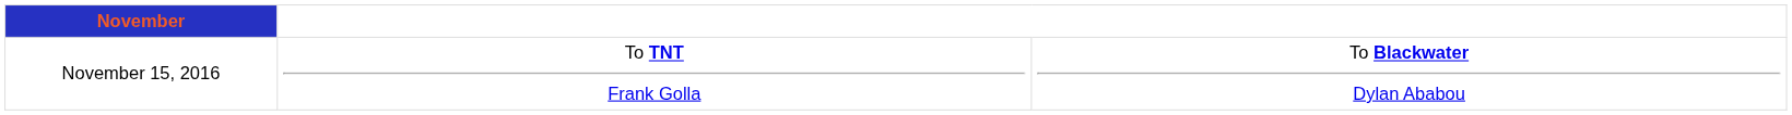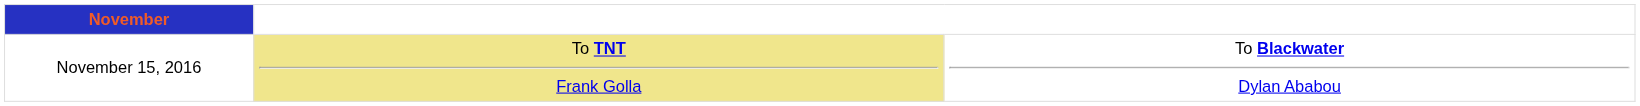 <table border=1 style="border-collapse:collapse; text-align: center; width: 100%" bordercolor="#DFDFDF"  cellpadding="5">
 <tr bgcolor="eeeeee">
 <th style="background:#2631C2; color:#F05B28; ">November</th>
 </tr>
 <tr>
 <td style="width:12%">November 15, 2016</td>
-<td style="width:33.3%" valign="top">To <strong><a href='#'>TNT</a></strong><hr><a href='#'>Frank Golla</a></td>
+<td style="background: khaki; width:33.3%" valign="top">To <strong><a href='#'>TNT</a></strong><hr><a href='#'>Frank Golla</a></td>
 <td style="width:33.3%" valign="top">To <strong><a href='#'>Blackwater</a></strong><hr><a href='#'>Dylan Ababou</a></td>
 </tr>
 </table>
